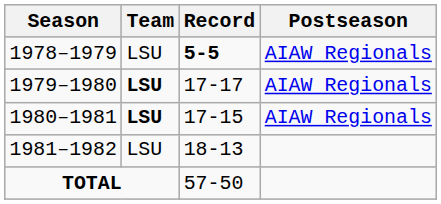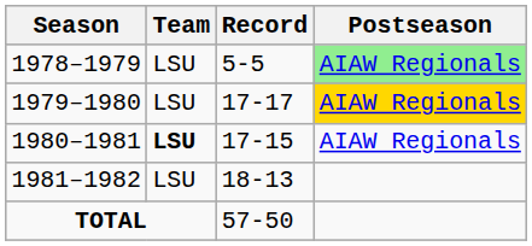 <table class="wikitable">
 <tr>
 <th>Season</th>
 <th>Team</th>
 <th>Record</th>
 <th>Postseason</th>
 </tr>
 <tr>
 <td>1978–1979</td>
 <td>LSU</td>
-<td><strong>5-5</strong></td>
-<td><a href='#'>AIAW Regionals</a></td>
+<td>5-5</td>
+<td style="background: lightgreen;"><a href='#'>AIAW Regionals</a></td>
 </tr>
 <tr>
 <td>1979–1980</td>
-<td><strong>LSU</strong></td>
+<td>LSU</td>
 <td>17-17</td>
-<td><a href='#'>AIAW Regionals</a></td>
+<td style="background: gold;"><a href='#'>AIAW Regionals</a></td>
 </tr>
 <tr>
 <td>1980–1981</td>
 <td><strong>LSU</strong></td>
 <td>17-15</td>
 <td><a href='#'>AIAW Regionals</a></td>
 </tr>
 <tr>
 <td>1981–1982</td>
 <td>LSU</td>
 <td>18-13</td>
 <td></td>
 </tr>
 <tr>
 <td colspan="2" style="text-align:center;"><strong>TOTAL</strong></td>
 <td>57-50</td>
 <td></td>
 </tr>
 </table>
